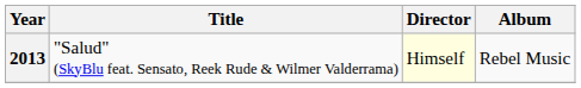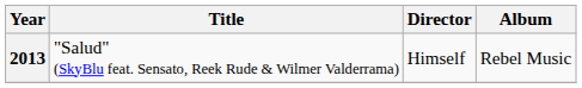 <table class="wikitable plainrowheaders sortable">
 <tr>
 <th>Year</th>
 <th>Title</th>
 <th>Director</th>
 <th>Album</th>
 </tr>
 <tr>
 <th scope="row">2013</th>
 <td>"Salud"<br><small>(<a href='#'>SkyBlu</a> feat. Sensato, Reek Rude & Wilmer Valderrama)</small></td>
-<td style="background: lightyellow;">Himself</td>
+<td>Himself</td>
 <td>Rebel Music</td>
 </tr>
 <tr>
 </tr>
 </table>
